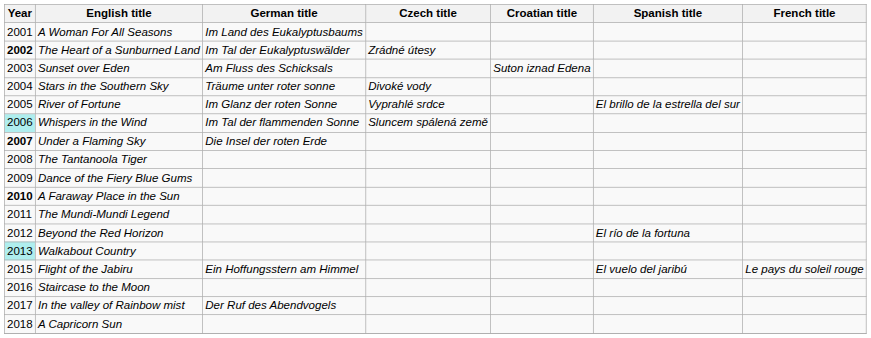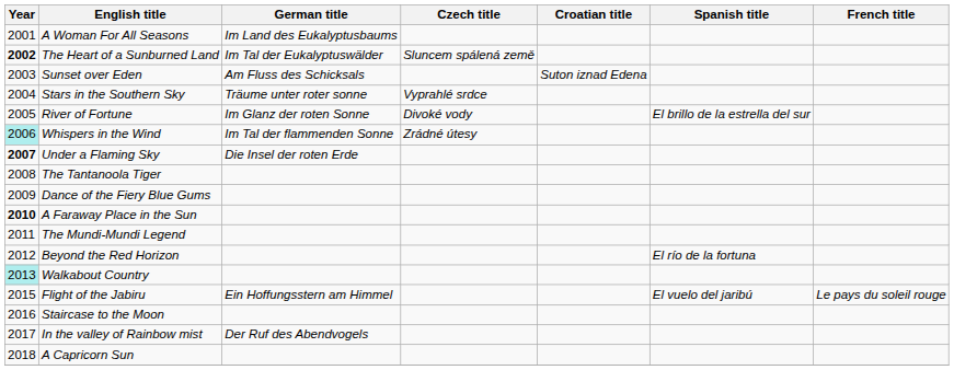 <table class="wikitable sortable">
 <tr>
 <th>Year</th>
 <th>English title</th>
 <th>German title</th>
 <th>Czech title</th>
 <th>Croatian title</th>
 <th>Spanish title</th>
 <th>French title</th>
 </tr>
 <tr>
 <td>2001</td>
 <td><em>A Woman For All Seasons</em></td>
 <td><em>Im Land des Eukalyptusbaums</em></td>
 <td></td>
 <td></td>
 <td></td>
 <td></td>
 </tr>
 <tr>
 <td><strong>2002</strong></td>
 <td><em>The Heart of a Sunburned Land</em></td>
 <td><em>Im Tal der Eukalyptuswälder</em></td>
-<td><em>Zrádné útesy</em></td>
+<td><em>Sluncem spálená země</em></td>
 <td></td>
 <td></td>
 <td></td>
 </tr>
 <tr>
 <td>2003</td>
 <td><em>Sunset over Eden</em></td>
 <td><em>Am Fluss des Schicksals</em></td>
 <td></td>
 <td><em>Suton iznad Edena</em></td>
 <td></td>
 <td></td>
 </tr>
 <tr>
 <td>2004</td>
 <td><em>Stars in the Southern Sky</em></td>
 <td><em>Träume unter roter sonne</em></td>
-<td><em>Divoké vody</em></td>
+<td><em>Vyprahlé srdce</em></td>
 <td></td>
 <td></td>
 <td></td>
 </tr>
 <tr>
 <td>2005</td>
 <td><em>River of Fortune</em></td>
 <td><em>Im Glanz der roten Sonne</em></td>
-<td><em>Vyprahlé srdce</em></td>
+<td><em>Divoké vody</em></td>
 <td></td>
 <td><em>El brillo de la estrella del sur</em></td>
 <td></td>
 </tr>
 <tr>
 <td style="background: paleturquoise;">2006</td>
 <td><em>Whispers in the Wind</em></td>
 <td><em>Im Tal der flammenden Sonne</em></td>
-<td><em>Sluncem spálená země</em></td>
+<td><em>Zrádné útesy</em></td>
 <td></td>
 <td></td>
 <td></td>
 </tr>
 <tr>
 <td><strong>2007</strong></td>
 <td><em>Under a Flaming Sky</em></td>
 <td><em>Die Insel der roten Erde</em></td>
 <td></td>
 <td></td>
 <td></td>
 <td></td>
 </tr>
 <tr>
 <td>2008</td>
 <td><em>The Tantanoola Tiger</em></td>
 <td></td>
 <td></td>
 <td></td>
 <td></td>
 <td></td>
 </tr>
 <tr>
 <td>2009</td>
 <td><em>Dance of the Fiery Blue Gums</em></td>
 <td></td>
 <td></td>
 <td></td>
 <td></td>
 <td></td>
 </tr>
 <tr>
 <td><strong>2010</strong></td>
 <td><em>A Faraway Place in the Sun</em></td>
 <td></td>
 <td></td>
 <td></td>
 <td></td>
 <td></td>
 </tr>
 <tr>
 <td>2011</td>
 <td><em>The Mundi-Mundi Legend</em></td>
 <td></td>
 <td></td>
 <td></td>
 <td></td>
 <td></td>
 </tr>
 <tr>
 <td>2012</td>
 <td><em>Beyond the Red Horizon</em></td>
 <td></td>
 <td></td>
 <td></td>
 <td><em>El río de la fortuna</em></td>
 <td></td>
 </tr>
 <tr>
 <td style="background: paleturquoise;">2013</td>
 <td><em>Walkabout Country</em></td>
 <td></td>
 <td></td>
 <td></td>
 <td></td>
 <td></td>
 </tr>
 <tr>
 <td>2015</td>
 <td><em>Flight of the Jabiru</em></td>
 <td><em>Ein Hoffungsstern am Himmel</em></td>
 <td></td>
 <td></td>
 <td><em>El vuelo del jaribú</em></td>
 <td><em>Le pays du soleil rouge</em></td>
 </tr>
 <tr>
 <td>2016</td>
 <td><em>Staircase to the Moon</em></td>
 <td></td>
 <td></td>
 <td></td>
 <td></td>
 <td></td>
 </tr>
 <tr>
 <td>2017</td>
 <td><em>In the valley of Rainbow mist</em></td>
 <td><em>Der Ruf des Abendvogels</em></td>
 <td></td>
 <td></td>
 <td></td>
 <td></td>
 </tr>
 <tr>
 <td>2018</td>
 <td><em>A Capricorn Sun</em></td>
 <td></td>
 <td></td>
 <td></td>
 <td></td>
 <td></td>
 </tr>
 <tr>
 </tr>
 </table>
